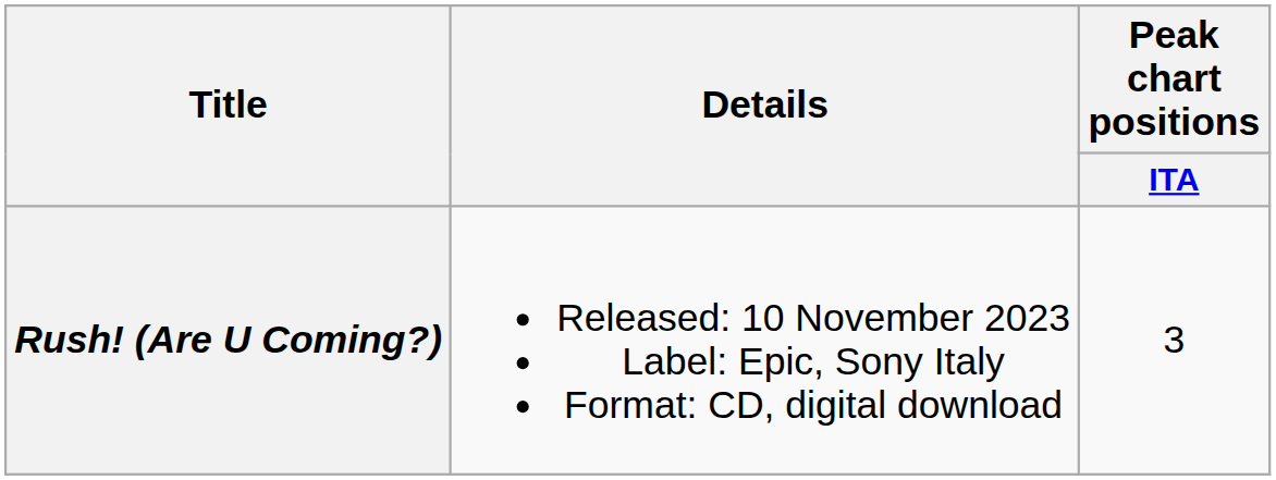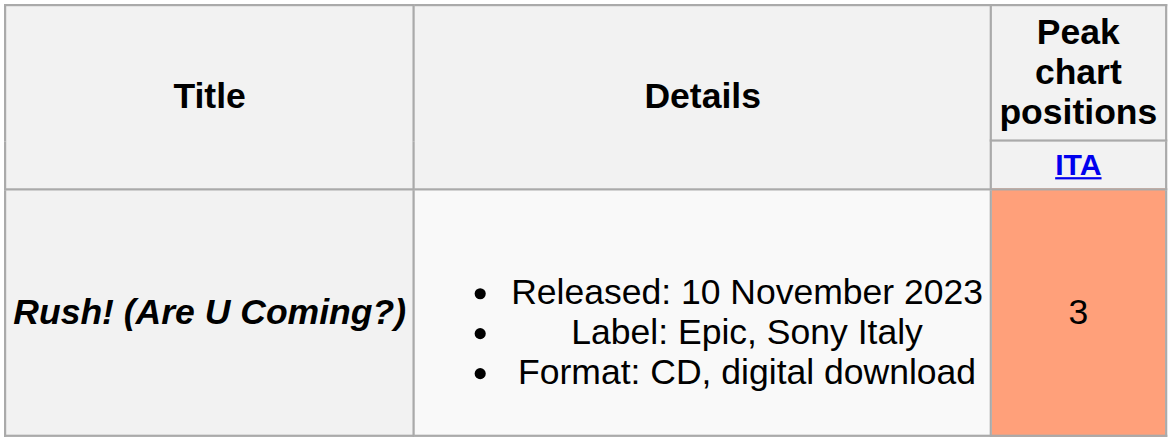 <table class="wikitable plainrowheaders" style="text-align:center;">
 <tr>
 <th scope="col" rowspan="2">Title</th>
 <th scope="col" rowspan="2">Details</th>
 <th scope="col" colspan="1">Peak chart positions</th>
 </tr>
 <tr>
 <th scope="col" style="width:3em;font-size:85%;"><a href='#'>ITA</a><br></th>
 </tr>
 <tr>
 <th scope="row"><em>Rush! (Are U Coming?)</em></th>
 <td><br><ul><li>Released: 10 November 2023</li><li>Label: Epic, Sony Italy</li><li>Format: CD, digital download</li></ul></td>
-<td>3<br></td>
+<td style="background: lightsalmon;">3<br></td>
 </tr>
 </table>
